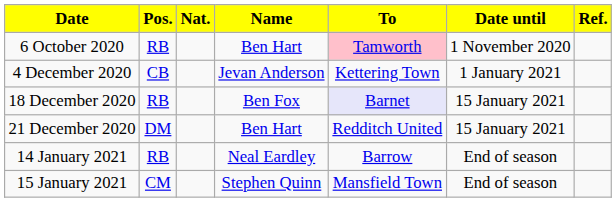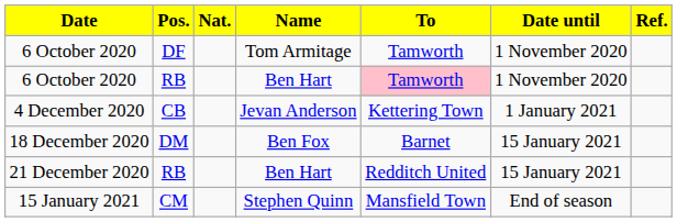 <table class="wikitable"  style="text-align:center; font-size:90%; ">
 <tr>
 <th style="background:yellow;">Date</th>
 <th style="background:yellow;">Pos.</th>
 <th style="background:yellow;">Nat.</th>
 <th style="background:yellow;">Name</th>
 <th style="background:yellow;">To</th>
 <th style="background:yellow;">Date until</th>
 <th style="background:yellow;">Ref.</th>
+</tr>
+<tr>
+<td>6 October 2020</td>
+<td><a href='#'>DF</a></td>
+<td></td>
+<td>Tom Armitage</td>
+<td> <a href='#'>Tamworth</a></td>
+<td>1 November 2020</td>
+<td></td>
 </tr>
 <tr>
 <td>6 October 2020</td>
 <td><a href='#'>RB</a></td>
 <td></td>
 <td><a href='#'>Ben Hart</a></td>
 <td style="background: pink;"> <a href='#'>Tamworth</a></td>
 <td>1 November 2020</td>
 <td></td>
 </tr>
 <tr>
 <td>4 December 2020</td>
 <td><a href='#'>CB</a></td>
 <td></td>
 <td><a href='#'>Jevan Anderson</a></td>
 <td> <a href='#'>Kettering Town</a></td>
 <td>1 January 2021</td>
 <td></td>
 </tr>
 <tr>
 <td>18 December 2020</td>
-<td><a href='#'>RB</a></td>
+<td><a href='#'>DM</a></td>
 <td></td>
 <td><a href='#'>Ben Fox</a></td>
-<td style="background: lavender;"> <a href='#'>Barnet</a></td>
+<td> <a href='#'>Barnet</a></td>
 <td>15 January 2021</td>
 <td></td>
 </tr>
 <tr>
 <td>21 December 2020</td>
-<td><a href='#'>DM</a></td>
+<td><a href='#'>RB</a></td>
 <td></td>
 <td><a href='#'>Ben Hart</a></td>
 <td> <a href='#'>Redditch United</a></td>
 <td>15 January 2021</td>
-<td></td>
-</tr>
-<tr>
-<td>14 January 2021</td>
-<td><a href='#'>RB</a></td>
-<td></td>
-<td><a href='#'>Neal Eardley</a></td>
-<td> <a href='#'>Barrow</a></td>
-<td>End of season</td>
 <td></td>
 </tr>
 <tr>
 <td>15 January 2021</td>
 <td><a href='#'>CM</a></td>
 <td></td>
 <td><a href='#'>Stephen Quinn</a></td>
 <td> <a href='#'>Mansfield Town</a></td>
 <td>End of season</td>
 <td></td>
 </tr>
 </table>
